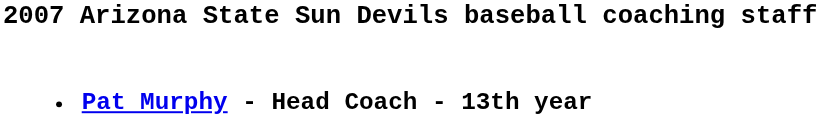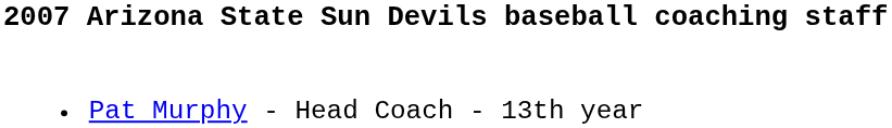 <table class="toccolours">
 <tr>
 <th colspan=9>2007 Arizona State Sun Devils baseball coaching staff</th>
 </tr>
 <tr>
-<td style="text-align: left; font-size: 95%;" valign="top"><strong><br><ul><li><a href='#'>Pat Murphy</a> - Head Coach - 13th year</li></ul></strong></td>
+<td style="text-align: left; font-size: 95%;" valign="top"><br><ul><li><a href='#'>Pat Murphy</a> - Head Coach - 13th year</li></ul></td>
 </tr>
 </table>
